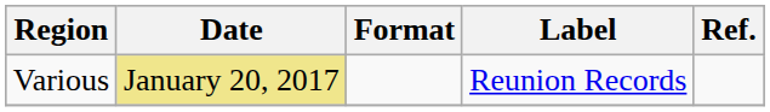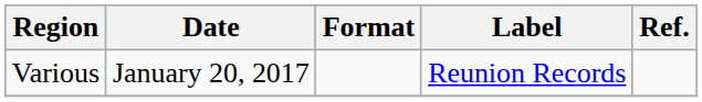 <table class="wikitable plainrowheaders">
 <tr>
 <th scope="col">Region</th>
 <th scope="col">Date</th>
 <th scope="col">Format</th>
 <th scope="col">Label</th>
 <th scope="col">Ref.</th>
 </tr>
 <tr>
 <td>Various</td>
-<td style="background: khaki;">January 20, 2017</td>
+<td>January 20, 2017</td>
 <td></td>
 <td><a href='#'>Reunion Records</a></td>
 <td></td>
 </tr>
 <tr>
 </tr>
 </table>
